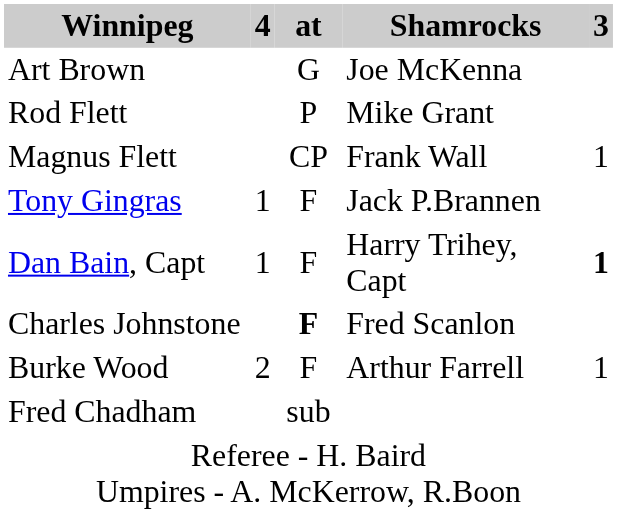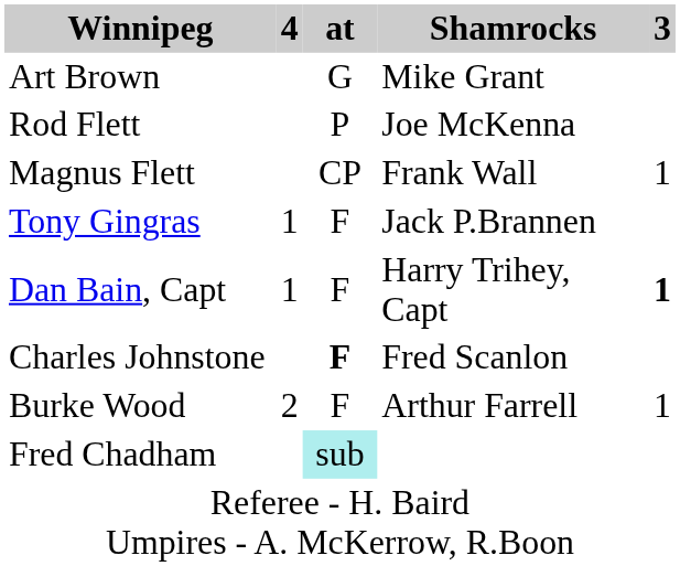 <table cellpadding=2 cellspacing=0 border=0>
 <tr bgcolor=#cccccc>
 <th width=120>Winnipeg</th>
 <th>4</th>
 <th width=30>at</th>
 <th width=120>Shamrocks</th>
 <th>3</th>
 </tr>
 <tr>
 <td>Art Brown</td>
 <td></td>
 <td align=center>G</td>
-<td>Joe McKenna</td>
+<td>Mike Grant</td>
 <td></td>
 <td></td>
 </tr>
 <tr>
 <td>Rod Flett</td>
 <td></td>
 <td align=center>P</td>
-<td>Mike Grant</td>
+<td>Joe McKenna</td>
 <td></td>
 <td></td>
 </tr>
 <tr>
 <td>Magnus Flett</td>
 <td></td>
 <td align=center>CP</td>
 <td>Frank Wall</td>
 <td>1</td>
 <td></td>
 </tr>
 <tr>
 <td><a href='#'>Tony Gingras</a></td>
 <td>1</td>
 <td align=center>F</td>
 <td>Jack P.Brannen</td>
 <td></td>
 <td></td>
 </tr>
 <tr>
 <td><a href='#'>Dan Bain</a>, Capt</td>
 <td>1</td>
 <td align=center>F</td>
 <td>Harry Trihey, Capt</td>
 <td><strong>1</strong></td>
 <td></td>
 </tr>
 <tr>
 <td>Charles Johnstone</td>
 <td></td>
 <td align=center><strong>F</strong></td>
 <td>Fred Scanlon</td>
 <td></td>
 <td></td>
 </tr>
 <tr>
 <td>Burke Wood</td>
 <td>2</td>
 <td align=center>F</td>
 <td>Arthur Farrell</td>
 <td>1</td>
 <td></td>
 </tr>
 <tr>
 <td>Fred Chadham</td>
 <td></td>
-<td align=center>sub</td>
+<td align=center style="background: paleturquoise;">sub</td>
 <td></td>
 <td></td>
 <td></td>
 </tr>
 <tr>
 <td colspan=5 align=center>Referee - H. Baird<br>Umpires - A. McKerrow, R.Boon</td>
 </tr>
 <tr>
 </tr>
 </table>
